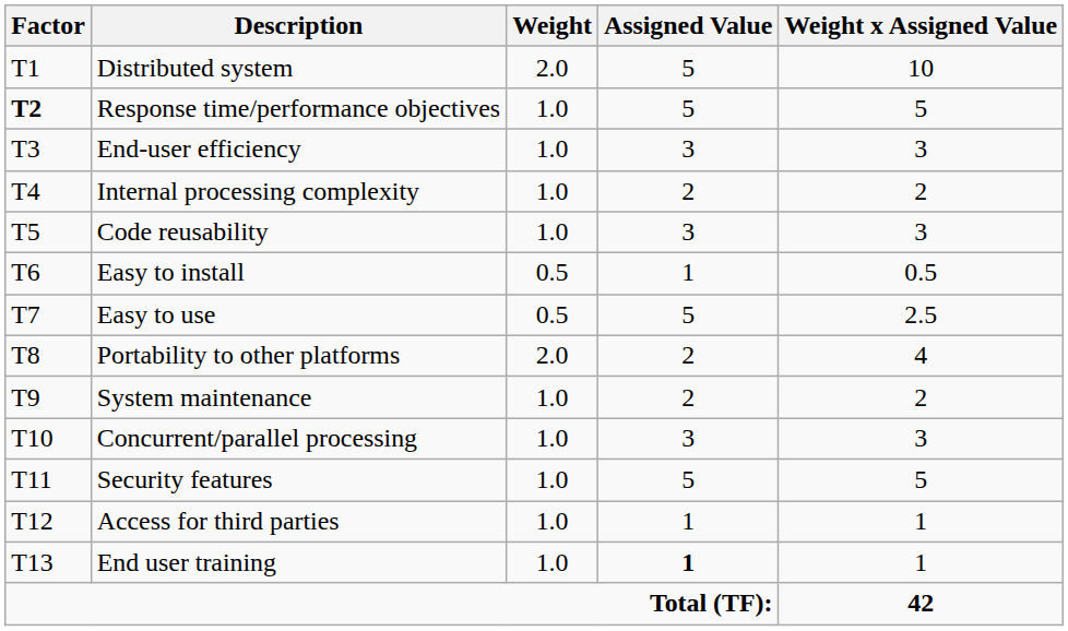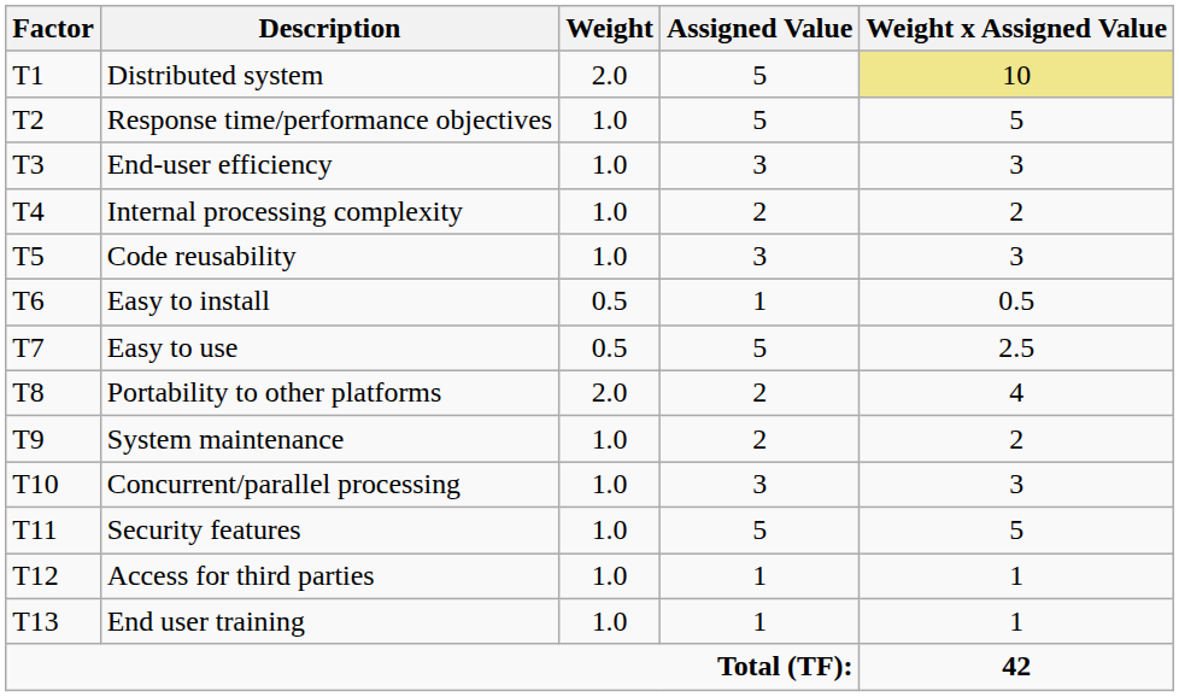 <table class="wikitable">
 <tr>
 <th>Factor</th>
 <th>Description</th>
 <th>Weight</th>
 <th>Assigned Value</th>
 <th>Weight x Assigned Value</th>
 </tr>
 <tr>
 <td style="text-align: left;">T1</td>
 <td>Distributed system</td>
 <td style="text-align: center;">2.0</td>
 <td style="text-align: center;">5</td>
-<td style="text-align: center;">10</td>
+<td style="background: khaki; text-align: center;">10</td>
 </tr>
 <tr>
-<td style="text-align: left;"><strong>T2</strong></td>
+<td style="text-align: left;">T2</td>
 <td>Response time/performance objectives</td>
 <td style="text-align: center;">1.0</td>
 <td style="text-align: center;">5</td>
 <td style="text-align: center;">5</td>
 </tr>
 <tr>
 <td style="text-align: left;">T3</td>
 <td>End-user efficiency</td>
 <td style="text-align: center;">1.0</td>
 <td style="text-align: center;">3</td>
 <td style="text-align: center;">3</td>
 </tr>
 <tr>
 <td style="text-align: left;">T4</td>
 <td>Internal processing complexity</td>
 <td style="text-align: center;">1.0</td>
 <td style="text-align: center;">2</td>
 <td style="text-align: center;">2</td>
 </tr>
 <tr>
 <td style="text-align: left;">T5</td>
 <td>Code reusability</td>
 <td style="text-align: center;">1.0</td>
 <td style="text-align: center;">3</td>
 <td style="text-align: center;">3</td>
 </tr>
 <tr>
 <td style="text-align: left;">T6</td>
 <td>Easy to install</td>
 <td style="text-align: center;">0.5</td>
 <td style="text-align: center;">1</td>
 <td style="text-align: center;">0.5</td>
 </tr>
 <tr>
 <td style="text-align: left;">T7</td>
 <td>Easy to use</td>
 <td style="text-align: center;">0.5</td>
 <td style="text-align: center;">5</td>
 <td style="text-align: center;">2.5</td>
 </tr>
 <tr>
 <td style="text-align: left;">T8</td>
 <td>Portability to other platforms</td>
 <td style="text-align: center;">2.0</td>
 <td style="text-align: center;">2</td>
 <td style="text-align: center;">4</td>
 </tr>
 <tr>
 <td style="text-align: left;">T9</td>
 <td>System maintenance</td>
 <td style="text-align: center;">1.0</td>
 <td style="text-align: center;">2</td>
 <td style="text-align: center;">2</td>
 </tr>
 <tr>
 <td style="text-align: left;">T10</td>
 <td>Concurrent/parallel processing</td>
 <td style="text-align: center;">1.0</td>
 <td style="text-align: center;">3</td>
 <td style="text-align: center;">3</td>
 </tr>
 <tr>
 <td style="text-align: left;">T11</td>
 <td>Security features</td>
 <td style="text-align: center;">1.0</td>
 <td style="text-align: center;">5</td>
 <td style="text-align: center;">5</td>
 </tr>
 <tr>
 <td style="text-align: left;">T12</td>
 <td>Access for third parties</td>
 <td style="text-align: center;">1.0</td>
 <td style="text-align: center;">1</td>
 <td style="text-align: center;">1</td>
 </tr>
 <tr>
 <td style="text-align: left;">T13</td>
 <td>End user training</td>
 <td style="text-align: center;">1.0</td>
-<td style="text-align: center;"><strong>1</strong></td>
+<td style="text-align: center;">1</td>
 <td style="text-align: center;">1</td>
 </tr>
 <tr>
 <td colspan="4" style="text-align: right;"><strong>Total (TF): </strong></td>
 <td style="text-align: center;"><strong>42</strong></td>
 </tr>
 </table>
